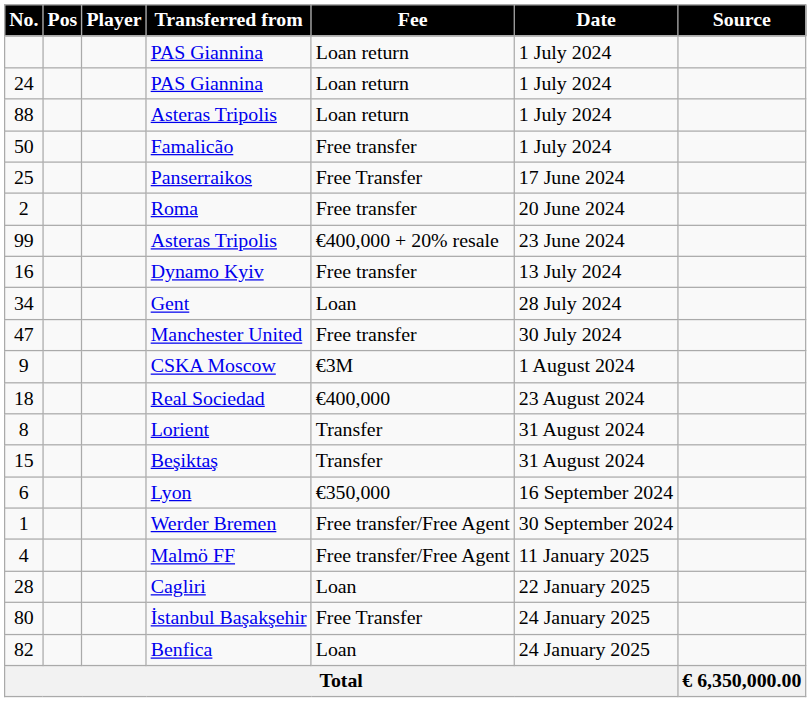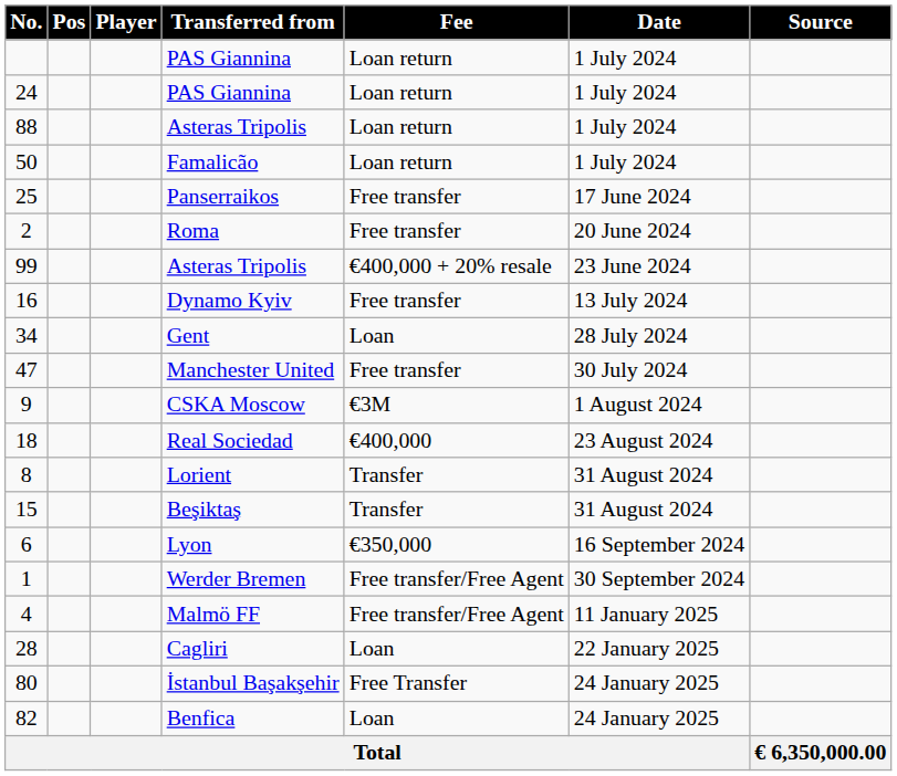 <table class="wikitable plainrowheaders sortable">
 <tr>
 <th style="background:black; color:#FFFFFF; ">No.</th>
 <th style="background:black; color:#FFFFFF; ">Pos</th>
 <th style="background:black; color:#FFFFFF; ">Player</th>
 <th style="background:black; color:#FFFFFF; ">Transferred from</th>
 <th style="background:black; color:#FFFFFF; ">Fee</th>
 <th style="background:black; color:#FFFFFF; ">Date</th>
 <th style="background:black; color:#FFFFFF; ">Source</th>
 </tr>
 <tr>
 <td align=center></td>
 <td align=center></td>
 <td></td>
 <td> <a href='#'>PAS Giannina</a></td>
 <td>Loan return</td>
 <td>1 July 2024</td>
 <td></td>
 </tr>
 <tr>
 <td align=center>24</td>
 <td align=center></td>
 <td></td>
 <td> <a href='#'>PAS Giannina</a></td>
 <td>Loan return</td>
 <td>1 July 2024</td>
 <td></td>
 </tr>
 <tr>
 <td align=center>88</td>
 <td align=center></td>
 <td></td>
 <td> <a href='#'>Asteras Tripolis</a></td>
 <td>Loan return</td>
 <td>1 July 2024</td>
 <td></td>
 </tr>
 <tr>
 <td align=center>50</td>
 <td align=center></td>
 <td></td>
 <td> <a href='#'>Famalicão</a></td>
-<td>Free transfer</td>
+<td>Loan return</td>
 <td>1 July 2024</td>
 <td></td>
 </tr>
 <tr>
 <td align=center>25</td>
 <td align=center></td>
 <td></td>
 <td> <a href='#'>Panserraikos</a></td>
-<td>Free Transfer</td>
+<td>Free transfer</td>
 <td>17 June 2024</td>
 <td></td>
 </tr>
 <tr>
 <td align=center>2</td>
 <td align=center></td>
 <td></td>
 <td> <a href='#'>Roma</a></td>
 <td>Free transfer</td>
 <td>20 June 2024</td>
 <td></td>
 </tr>
 <tr>
 <td align=center>99</td>
 <td align=center></td>
 <td></td>
 <td> <a href='#'>Asteras Tripolis</a></td>
 <td>€400,000 + 20% resale</td>
 <td>23 June 2024</td>
 <td></td>
 </tr>
 <tr>
 <td align=center>16</td>
 <td align=center></td>
 <td></td>
 <td> <a href='#'>Dynamo Kyiv</a></td>
 <td>Free transfer</td>
 <td>13 July 2024</td>
 <td></td>
 </tr>
 <tr>
 <td align=center>34</td>
 <td align=center></td>
 <td></td>
 <td> <a href='#'>Gent</a></td>
 <td>Loan</td>
 <td>28 July 2024</td>
 <td></td>
 </tr>
 <tr>
 <td align=center>47</td>
 <td align=center></td>
 <td></td>
 <td> <a href='#'>Manchester United</a></td>
 <td>Free transfer</td>
 <td>30 July 2024</td>
 <td></td>
 </tr>
 <tr>
 <td align=center>9</td>
 <td align=center></td>
 <td></td>
 <td> <a href='#'>CSKA Moscow</a></td>
 <td>€3M</td>
 <td>1 August 2024</td>
 <td></td>
 </tr>
 <tr>
 <td align=center>18</td>
 <td align=center></td>
 <td></td>
 <td> <a href='#'>Real Sociedad</a></td>
 <td>€400,000</td>
 <td>23 August 2024</td>
 <td></td>
 </tr>
 <tr>
 <td align=center>8</td>
 <td align=center></td>
 <td></td>
 <td> <a href='#'>Lorient</a></td>
 <td>Transfer</td>
 <td>31 August 2024</td>
 <td></td>
 </tr>
 <tr>
 <td align=center>15</td>
 <td align=center></td>
 <td></td>
 <td> <a href='#'>Beşiktaş</a></td>
 <td>Transfer</td>
 <td>31 August 2024</td>
 <td></td>
 </tr>
 <tr>
 <td align=center>6</td>
 <td align=center></td>
 <td></td>
 <td> <a href='#'>Lyon</a></td>
 <td>€350,000</td>
 <td>16 September 2024</td>
 <td></td>
 </tr>
 <tr>
 <td align=center>1</td>
 <td align=center></td>
 <td></td>
 <td> <a href='#'>Werder Bremen</a></td>
 <td>Free transfer/Free Agent</td>
 <td>30 September 2024</td>
 <td></td>
 </tr>
 <tr>
 <td align=center>4</td>
 <td align=center></td>
 <td></td>
 <td> <a href='#'>Malmö FF</a></td>
 <td>Free transfer/Free Agent</td>
 <td>11 January 2025</td>
 <td></td>
 </tr>
 <tr>
 <td align=center>28</td>
 <td align=center></td>
 <td></td>
 <td> <a href='#'>Cagliri</a></td>
 <td>Loan</td>
 <td>22 January 2025</td>
 <td></td>
 </tr>
 <tr>
 <td align=center>80</td>
 <td align=center></td>
 <td></td>
 <td> <a href='#'>İstanbul Başakşehir</a></td>
 <td>Free Transfer</td>
 <td>24 January 2025</td>
 <td></td>
 </tr>
 <tr>
 <td align=center>82</td>
 <td align=center></td>
 <td></td>
 <td> <a href='#'>Benfica</a></td>
 <td>Loan</td>
 <td>24 January 2025</td>
 <td></td>
 </tr>
 <tr>
 <th colspan="6">Total</th>
 <th colspan="2"> € 6,350,000.00</th>
 </tr>
 </table>
